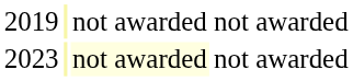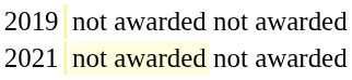 <table>
 <tr>
 <td>2019</td>
 <td style="background-color: #F7F6A8;"></td>
 <td>not awarded</td>
 <td>not awarded</td>
 </tr>
 <tr>
-<td>2023</td>
+<td>2021</td>
 <td style="background-color: #F7F6A8;"></td>
 <td style="background: lightyellow;">not awarded</td>
 <td>not awarded</td>
 </tr>
 </table>
